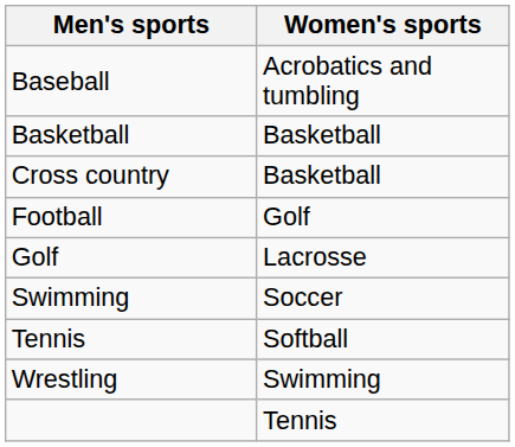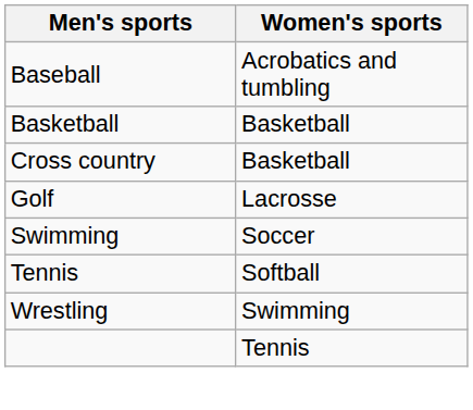 <table class="wikitable"; style= "text-align: ">
 <tr>
 <th width=150px>Men's sports</th>
 <th width=150px>Women's sports</th>
 </tr>
 <tr>
 <td>Baseball</td>
 <td>Acrobatics and tumbling</td>
 </tr>
 <tr>
 <td>Basketball</td>
 <td>Basketball</td>
 </tr>
 <tr>
 <td>Cross country</td>
 <td>Basketball</td>
-</tr>
-<tr>
-<td>Football</td>
-<td>Golf</td>
 </tr>
 <tr>
 <td>Golf</td>
 <td>Lacrosse</td>
 </tr>
 <tr>
 <td>Swimming</td>
 <td>Soccer</td>
 </tr>
 <tr>
 <td>Tennis</td>
 <td>Softball</td>
 </tr>
 <tr>
 <td>Wrestling</td>
 <td>Swimming</td>
 </tr>
 <tr>
 <td></td>
 <td>Tennis</td>
 </tr>
 </table>
